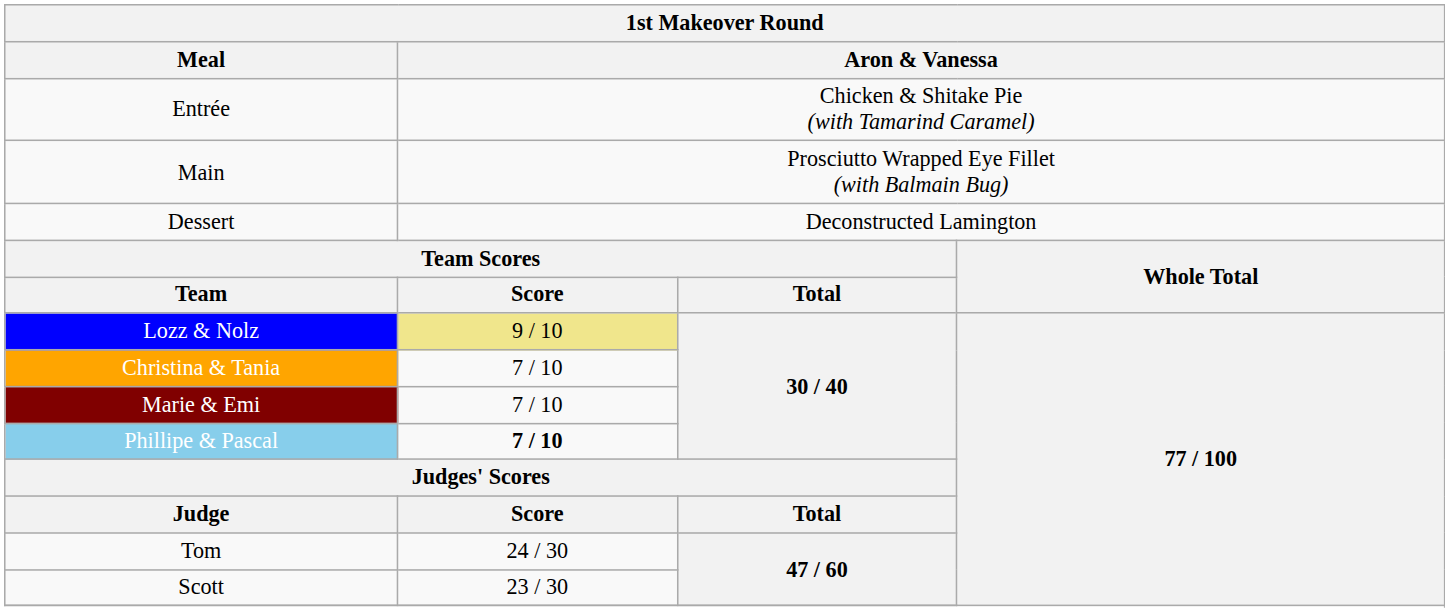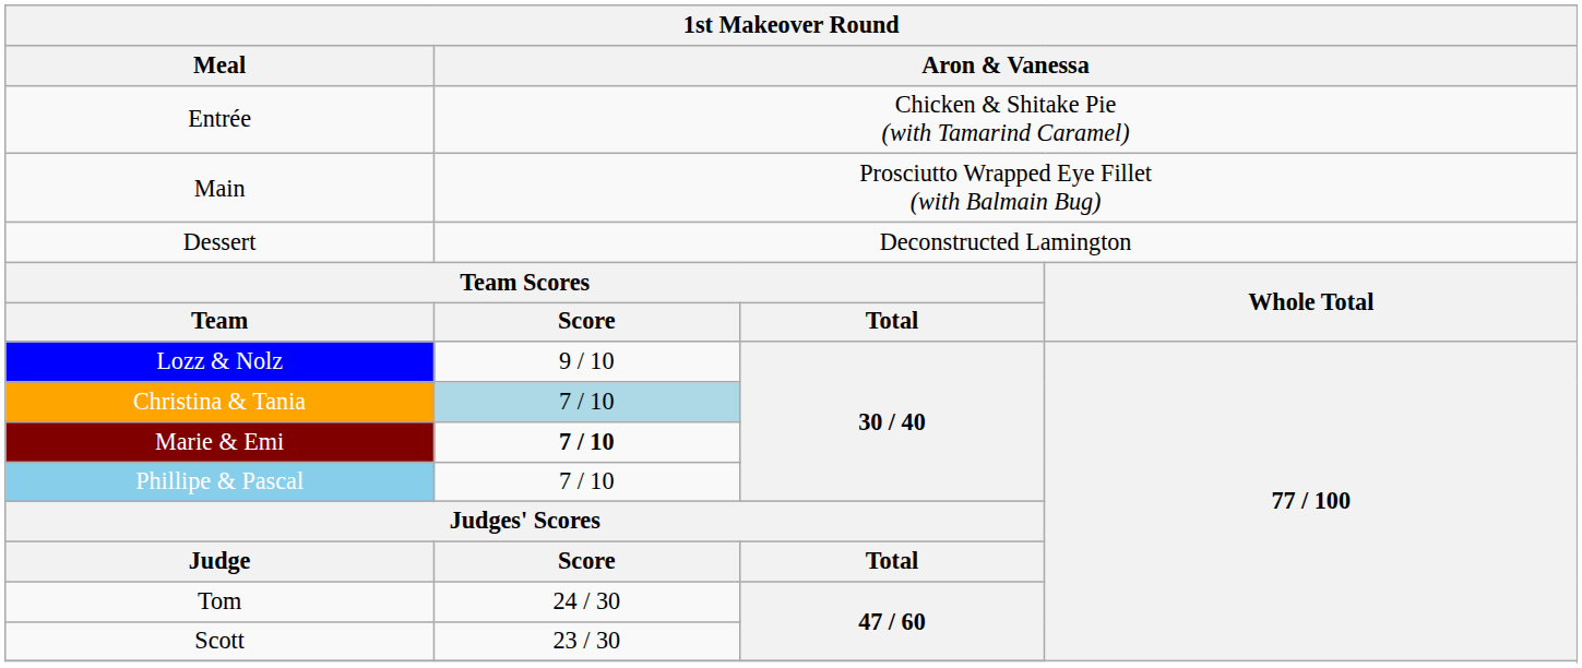 <table class="wikitable plainrowheaders" style="text-align:center; font-size:90%; width:65em;">
 <tr>
 <th colspan="4" >1st Makeover Round</th>
 </tr>
 <tr>
 <th style="width:15%;">Meal</th>
 <th colspan="3" style="width:40%;">Aron & Vanessa</th>
 </tr>
 <tr>
 <td>Entrée</td>
 <td colspan="3">Chicken & Shitake Pie<br><em>(with Tamarind Caramel)</em></td>
 </tr>
 <tr>
 <td>Main</td>
 <td colspan="3">Prosciutto Wrapped Eye Fillet<br><em>(with Balmain Bug)</em></td>
 </tr>
 <tr>
 <td>Dessert</td>
 <td colspan="3">Deconstructed Lamington</td>
 </tr>
 <tr>
 <th colspan="3" >Team Scores</th>
 <th rowspan="2">Whole Total</th>
 </tr>
 <tr>
 <th>Team</th>
 <th>Score</th>
 <th>Total</th>
 </tr>
 <tr>
 <td style="background:blue; color:white;">Lozz & Nolz</td>
-<td style="background: khaki;">9 / 10</td>
+<td>9 / 10</td>
 <th rowspan="4">30 / 40</th>
 <th rowspan="10">77 / 100</th>
 </tr>
 <tr>
 <td style="background:orange; color:white;">Christina & Tania</td>
-<td>7 / 10</td>
+<td style="background: lightblue;">7 / 10</td>
 </tr>
 <tr>
 <td style="background:maroon; color:white;">Marie & Emi</td>
-<td>7 / 10</td>
+<td><strong>7 / 10</strong></td>
 </tr>
 <tr>
 <td style="background:skyblue; color:white;">Phillipe & Pascal</td>
-<td><strong>7 / 10</strong></td>
+<td>7 / 10</td>
 </tr>
 <tr>
 <th colspan="3" >Judges' Scores</th>
 </tr>
 <tr>
 <th>Judge</th>
 <th>Score</th>
 <th>Total</th>
 </tr>
 <tr>
 <td>Tom</td>
 <td>24 / 30</td>
 <th rowspan="2">47 / 60</th>
 </tr>
 <tr>
 <td>Scott</td>
 <td>23 / 30</td>
 </tr>
 <tr>
 </tr>
 </table>
